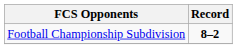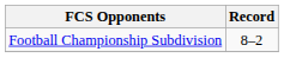 <table class="wikitable">
 <tr>
 <th>FCS Opponents</th>
 <th>Record</th>
 </tr>
 <tr>
 <td><a href='#'>Football Championship Subdivision</a></td>
-<td align=center><strong>8–2</strong></td>
+<td align=center>8–2</td>
 </tr>
 <tr>
 </tr>
 </table>
